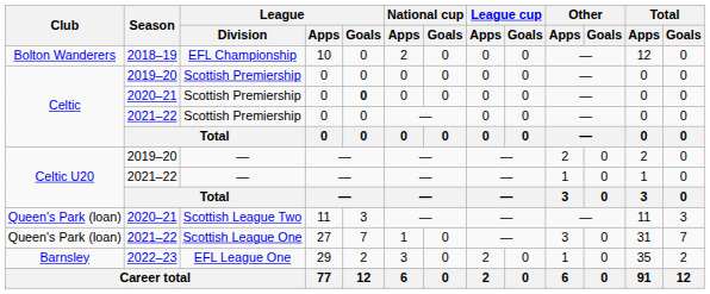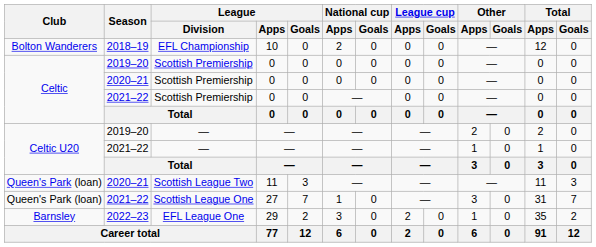 <table class="wikitable" style="text-align:center">
 <tr>
 <th rowspan="2">Club</th>
 <th rowspan="2">Season</th>
 <th colspan="3">League</th>
 <th colspan="2">National cup</th>
 <th colspan="2"><a href='#'>League cup</a></th>
 <th colspan="2">Other</th>
 <th colspan="2">Total</th>
 </tr>
 <tr>
 <th>Division</th>
 <th>Apps</th>
 <th>Goals</th>
 <th>Apps</th>
 <th>Goals</th>
 <th>Apps</th>
 <th>Goals</th>
 <th>Apps</th>
 <th>Goals</th>
 <th>Apps</th>
 <th>Goals</th>
 </tr>
 <tr>
 <td><a href='#'>Bolton Wanderers</a></td>
 <td><a href='#'>2018–19</a></td>
 <td><a href='#'>EFL Championship</a></td>
 <td>10</td>
 <td>0</td>
 <td>2</td>
 <td>0</td>
 <td>0</td>
 <td>0</td>
 <td colspan="2">—</td>
 <td>12</td>
 <td>0</td>
 </tr>
 <tr>
 <td rowspan="4"><a href='#'>Celtic</a></td>
 <td><a href='#'>2019–20</a></td>
 <td><a href='#'>Scottish Premiership</a></td>
 <td>0</td>
 <td>0</td>
 <td>0</td>
 <td>0</td>
 <td>0</td>
 <td>0</td>
 <td colspan="2">—</td>
 <td>0</td>
 <td>0</td>
 </tr>
 <tr>
 <td><a href='#'>2020–21</a></td>
 <td>Scottish Premiership</td>
 <td>0</td>
-<td><strong>0</strong></td>
+<td>0</td>
 <td>0</td>
 <td>0</td>
 <td>0</td>
 <td>0</td>
 <td colspan="2">—</td>
 <td>0</td>
 <td>0</td>
 </tr>
 <tr>
 <td><a href='#'>2021–22</a></td>
 <td>Scottish Premiership</td>
 <td>0</td>
 <td>0</td>
 <td colspan="2">—</td>
 <td>0</td>
 <td>0</td>
 <td colspan="2">—</td>
 <td>0</td>
 <td>0</td>
 </tr>
 <tr>
 <th colspan="2">Total</th>
 <th>0</th>
 <th>0</th>
 <th>0</th>
 <th>0</th>
 <th>0</th>
 <th>0</th>
 <th colspan="2">—</th>
 <th>0</th>
 <th>0</th>
 </tr>
 <tr>
 <td rowspan="3"><a href='#'>Celtic U20</a></td>
 <td>2019–20</td>
 <td>—</td>
 <td colspan="2">—</td>
 <td colspan="2">—</td>
 <td colspan="2">—</td>
 <td>2</td>
 <td>0</td>
 <td>2</td>
 <td>0</td>
 </tr>
 <tr>
 <td>2021–22</td>
 <td>—</td>
 <td colspan="2">—</td>
 <td colspan="2">—</td>
 <td colspan="2">—</td>
 <td>1</td>
 <td>0</td>
 <td>1</td>
 <td>0</td>
 </tr>
 <tr>
 <th colspan="2">Total</th>
 <th colspan="2">—</th>
 <th colspan="2">—</th>
 <th colspan="2">—</th>
 <th>3</th>
 <th>0</th>
 <th>3</th>
 <th>0</th>
 </tr>
 <tr>
 <td><a href='#'>Queen's Park</a> (loan)</td>
 <td><a href='#'>2020–21</a></td>
 <td><a href='#'>Scottish League Two</a></td>
 <td>11</td>
 <td>3</td>
 <td colspan="2">—</td>
 <td colspan="2">—</td>
 <td colspan="2">—</td>
 <td>11</td>
 <td>3</td>
 </tr>
 <tr>
 <td>Queen's Park (loan)</td>
 <td><a href='#'>2021–22</a></td>
 <td><a href='#'>Scottish League One</a></td>
 <td>27</td>
 <td>7</td>
 <td>1</td>
 <td>0</td>
 <td colspan="2">—</td>
 <td>3</td>
 <td>0</td>
 <td>31</td>
 <td>7</td>
 </tr>
 <tr>
 <td><a href='#'>Barnsley</a></td>
 <td><a href='#'>2022–23</a></td>
 <td><a href='#'>EFL League One</a></td>
 <td>29</td>
 <td>2</td>
 <td>3</td>
 <td>0</td>
 <td>2</td>
 <td>0</td>
 <td>1</td>
 <td>0</td>
 <td>35</td>
 <td>2</td>
 </tr>
 <tr>
 <th colspan="3">Career total</th>
 <th>77</th>
 <th>12</th>
 <th>6</th>
 <th>0</th>
 <th>2</th>
 <th>0</th>
 <th>6</th>
 <th>0</th>
 <th>91</th>
 <th>12</th>
 </tr>
 </table>
